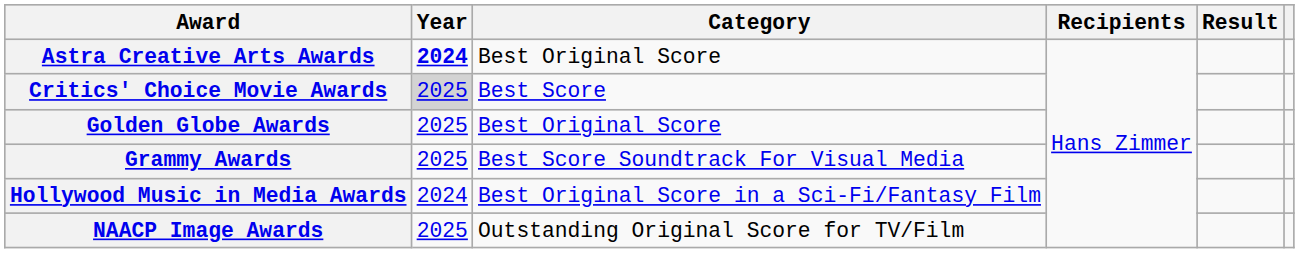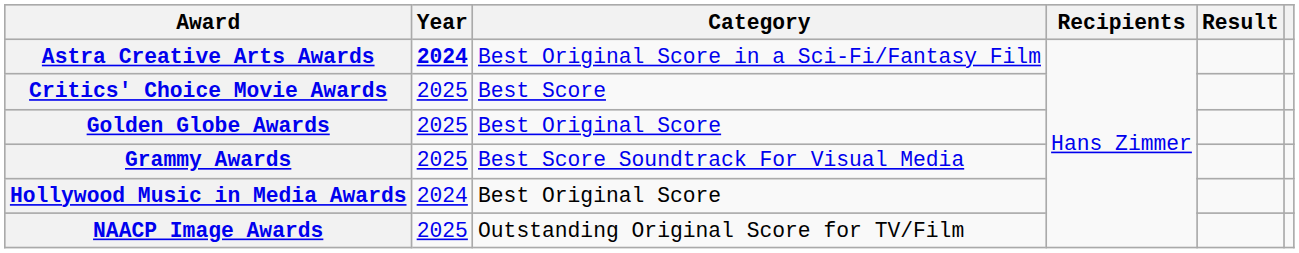 <table class="wikitable sortable plainrowheaders">
 <tr>
 <th scope="col">Award</th>
 <th scope="col">Year</th>
 <th scope="col">Category</th>
 <th scope="col">Recipients</th>
 <th scope="col">Result</th>
 <th scope="col" class="unsortable"></th>
 </tr>
 <tr>
 <th scope="row"><a href='#'>Astra Creative Arts Awards</a></th>
 <td><strong><a href='#'>2024</a></strong></td>
-<td>Best Original Score</td>
+<td><a href='#'>Best Original Score in a Sci-Fi/Fantasy Film</a></td>
 <td rowspan="6"><a href='#'>Hans Zimmer</a></td>
 <td></td>
 <td></td>
 </tr>
 <tr>
 <th scope="row"><a href='#'>Critics' Choice Movie Awards</a></th>
-<td style="background: lightgrey;"><a href='#'>2025</a></td>
+<td><a href='#'>2025</a></td>
 <td><a href='#'>Best Score</a></td>
 <td></td>
 <td></td>
 </tr>
 <tr>
 <th scope="row"><a href='#'>Golden Globe Awards</a></th>
 <td><a href='#'>2025</a></td>
 <td><a href='#'>Best Original Score</a></td>
 <td></td>
 <td></td>
 </tr>
 <tr>
 <th scope="row"><a href='#'>Grammy Awards</a></th>
 <td><a href='#'>2025</a></td>
 <td><a href='#'>Best Score Soundtrack For Visual Media</a></td>
 <td></td>
 <td></td>
 </tr>
 <tr>
 <th scope="row"><a href='#'>Hollywood Music in Media Awards</a></th>
 <td><a href='#'>2024</a></td>
-<td><a href='#'>Best Original Score in a Sci-Fi/Fantasy Film</a></td>
+<td>Best Original Score</td>
 <td></td>
 <td></td>
 </tr>
 <tr>
 <th scope="row"><a href='#'>NAACP Image Awards</a></th>
 <td><a href='#'>2025</a></td>
 <td>Outstanding Original Score for TV/Film</td>
 <td></td>
 <td></td>
 </tr>
 </table>
